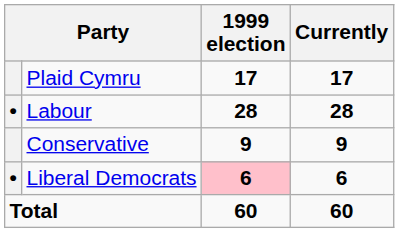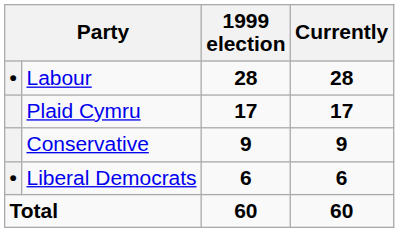 <table class="wikitable">
 <tr>
 <th colspan=2>Party</th>
 <th>1999<br>election</th>
 <th>Currently</th>
 </tr>
 <tr>
+<th style="background-color: "><span>•</span></th>
+<td><a href='#'>Labour</a></td>
+<td align="center"><strong>28</strong></td>
+<td align="center"><strong>28</strong></td>
+</tr>
+<tr>
 <th style="background-color: "></th>
 <td><a href='#'>Plaid Cymru</a></td>
 <td align="center"><strong>17</strong></td>
 <td align="center"><strong>17</strong></td>
-</tr>
-<tr>
-<th style="background-color: "><span>•</span></th>
-<td><a href='#'>Labour</a></td>
-<td align="center"><strong>28</strong></td>
-<td align="center"><strong>28</strong></td>
 </tr>
 <tr>
 <th style="background-color: "></th>
 <td><a href='#'>Conservative</a></td>
 <td align="center"><strong>9</strong></td>
 <td align="center"><strong>9</strong></td>
 </tr>
 <tr>
 <th style="background-color: "><span>•</span></th>
 <td><a href='#'>Liberal Democrats</a></td>
-<td align="center" style="background: pink;"><strong>6</strong></td>
+<td align="center"><strong>6</strong></td>
 <td align="center"><strong>6</strong></td>
 </tr>
 <tr>
 <td colspan="2"><strong>Total</strong></td>
 <td align="center"><strong>60</strong></td>
 <td align="center"><strong>60</strong></td>
 </tr>
 </table>
